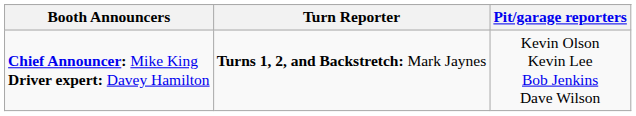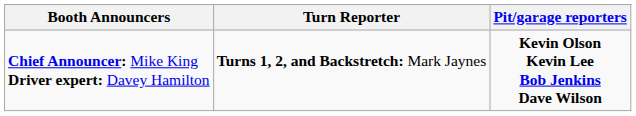 <table class="wikitable" style="font-size: 95%;">
 <tr>
 </tr>
 <tr>
 <th>Booth Announcers</th>
 <th>Turn Reporter</th>
 <th><a href='#'>Pit/garage reporters</a></th>
 </tr>
 <tr>
 <td valign="top"><br><strong><a href='#'>Chief Announcer</a>:</strong> <a href='#'>Mike King</a><br> <strong>Driver expert:</strong> <a href='#'>Davey Hamilton</a></td>
 <td valign="top"><br><strong>Turns 1, 2, and Backstretch:</strong> Mark Jaynes<br></td>
-<td align="center" valign="top">Kevin Olson<br>Kevin Lee<br><a href='#'>Bob Jenkins</a><br>Dave Wilson</td>
+<td align="center" valign="top"><strong>Kevin Olson<br>Kevin Lee<br><a href='#'>Bob Jenkins</a><br>Dave Wilson</strong></td>
 </tr>
 </table>
